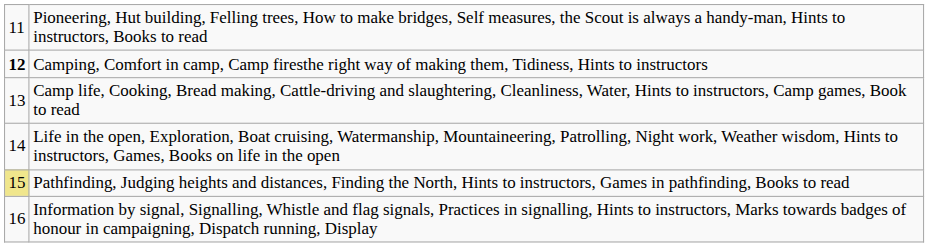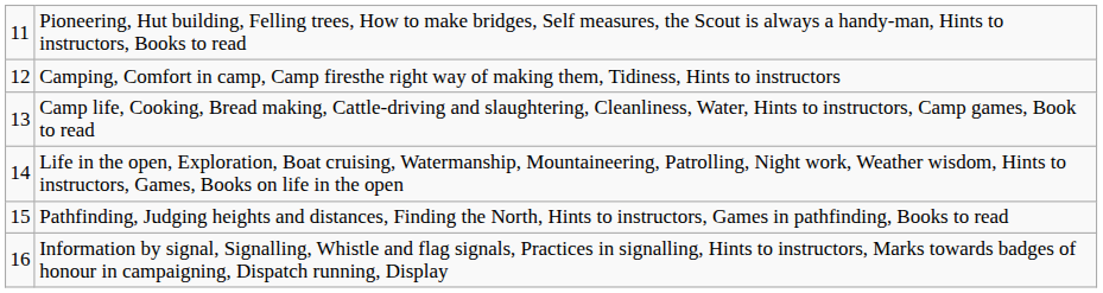 <table class=wikitable>
 <tr>
 <td>11</td>
 <td>Pioneering, Hut building, Felling trees, How to make bridges, Self measures, the Scout is always a handy-man, Hints to instructors, Books to read</td>
 </tr>
 <tr>
-<td><strong>12</strong></td>
+<td>12</td>
 <td>Camping, Comfort in camp, Camp firesthe right way of making them, Tidiness, Hints to instructors</td>
 </tr>
 <tr>
 <td>13</td>
 <td>Camp life, Cooking, Bread making, Cattle-driving and slaughtering, Cleanliness, Water, Hints to instructors, Camp games, Book to read</td>
 </tr>
 <tr>
 <td>14</td>
 <td>Life in the open, Exploration, Boat cruising, Watermanship, Mountaineering, Patrolling, Night work, Weather wisdom, Hints to instructors, Games, Books on life in the open</td>
 </tr>
 <tr>
-<td style="background: khaki;">15</td>
+<td>15</td>
 <td>Pathfinding, Judging heights and distances, Finding the North, Hints to instructors,  Games in pathfinding, Books to read</td>
 </tr>
 <tr>
 <td>16</td>
 <td>Information by signal, Signalling, Whistle and flag signals, Practices in signalling, Hints to instructors, Marks towards badges of honour in campaigning, Dispatch running, Display</td>
 </tr>
 </table>
